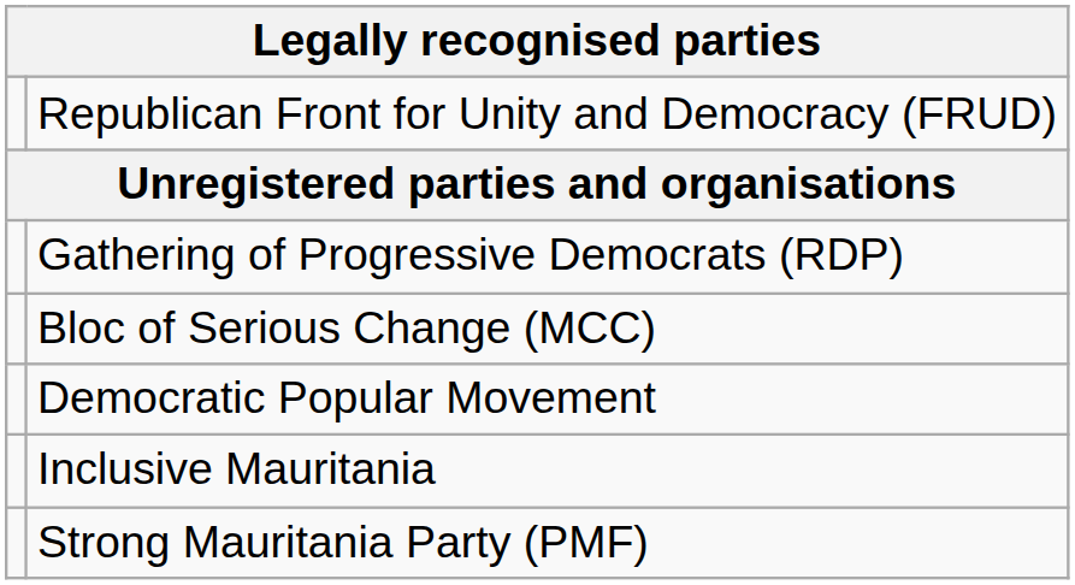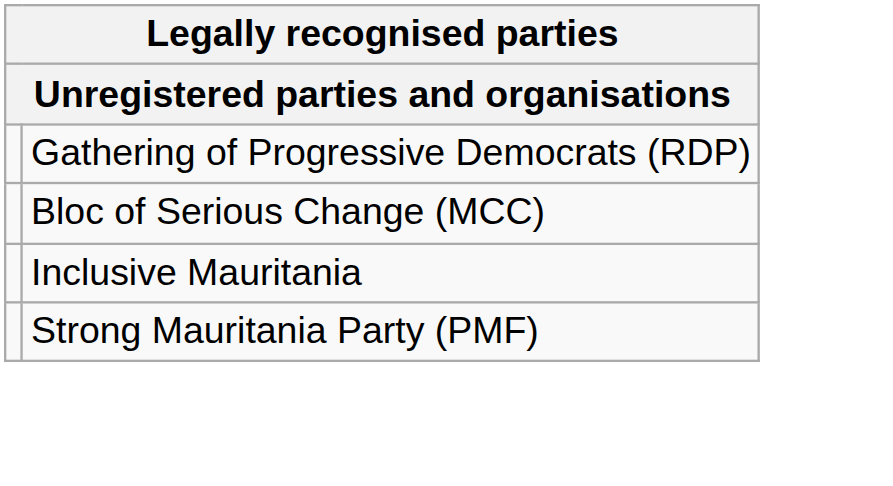 <table class="wikitable" style="text-align">
 <tr>
 <th colspan="2">Legally recognised parties</th>
-</tr>
-<tr>
-<td style="background:"></td>
-<td>Republican Front for Unity and Democracy (FRUD)</td>
 </tr>
 <tr>
 <th colspan="2">Unregistered parties and organisations</th>
 </tr>
 <tr>
 <td style="background:"></td>
 <td>Gathering of Progressive Democrats (RDP)</td>
 </tr>
 <tr>
 <td style="background:"></td>
 <td>Bloc of Serious Change (MCC)</td>
 </tr>
 <tr>
-<td style="background:"></td>
-<td>Democratic Popular Movement</td>
-</tr>
-<tr>
 <td></td>
 <td>Inclusive Mauritania</td>
 </tr>
 <tr>
 <td style="background:"></td>
 <td>Strong Mauritania Party (PMF)</td>
 </tr>
 </table>
